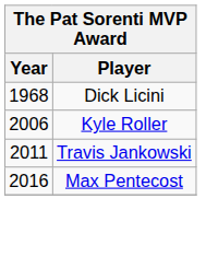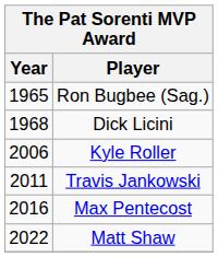 <table class="wikitable" style="display: inline-table; margin-right: 20px; text-align:center">
 <tr>
 <th scope="col" colspan="2" style="width: 145px;">The Pat Sorenti MVP Award</th>
 </tr>
 <tr>
 <th scope="col">Year</th>
 <th scope="col">Player</th>
+</tr>
+<tr>
+<td>1965</td>
+<td>Ron Bugbee (Sag.)</td>
 </tr>
 <tr>
 <td>1968</td>
 <td>Dick Licini</td>
 </tr>
 <tr>
 <td>2006</td>
 <td><a href='#'>Kyle Roller</a></td>
 </tr>
 <tr>
 <td>2011</td>
 <td><a href='#'>Travis Jankowski</a></td>
 </tr>
 <tr>
 <td>2016</td>
 <td><a href='#'>Max Pentecost</a></td>
 </tr>
 <tr>
+<td>2022</td>
+<td><a href='#'>Matt Shaw</a></td>
+</tr>
+<tr>
 </tr>
 </table>
